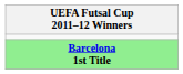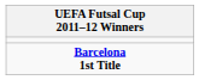 <table class="wikitable" style="text-align: center; margin: 0 auto; width: 20%">
 <tr>
 <th>UEFA Futsal Cup <br>2011–12 Winners</th>
 </tr>
 <tr>
 <td></td>
 </tr>
 <tr>
-<td style="background: lightgreen;"><strong><a href='#'>Barcelona</a></strong><br><strong>1st Title</strong> </td>
+<td><strong><a href='#'>Barcelona</a></strong><br><strong>1st Title</strong> </td>
 </tr>
 </table>
